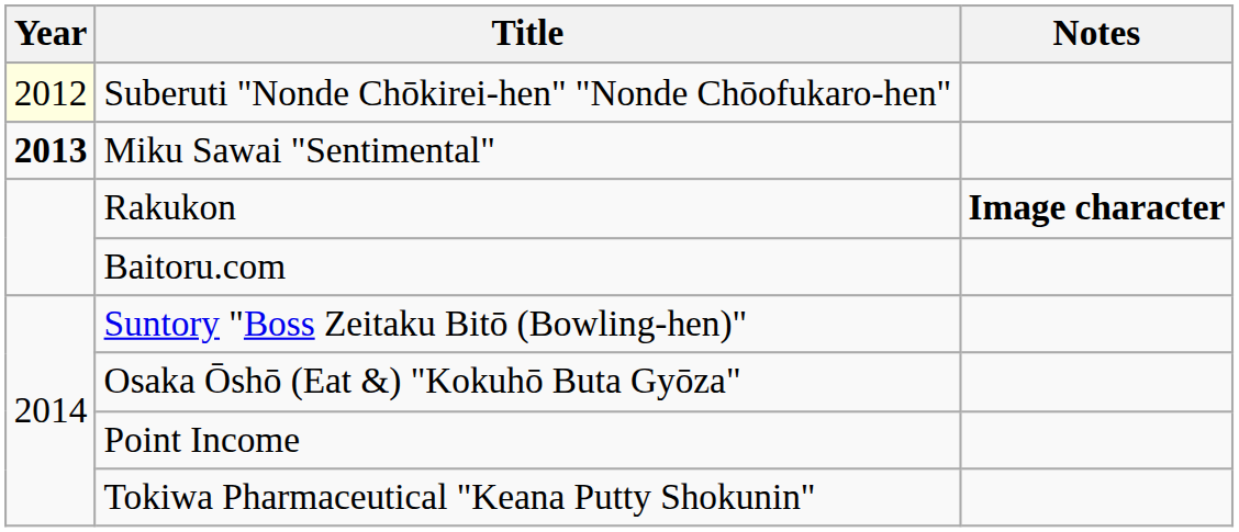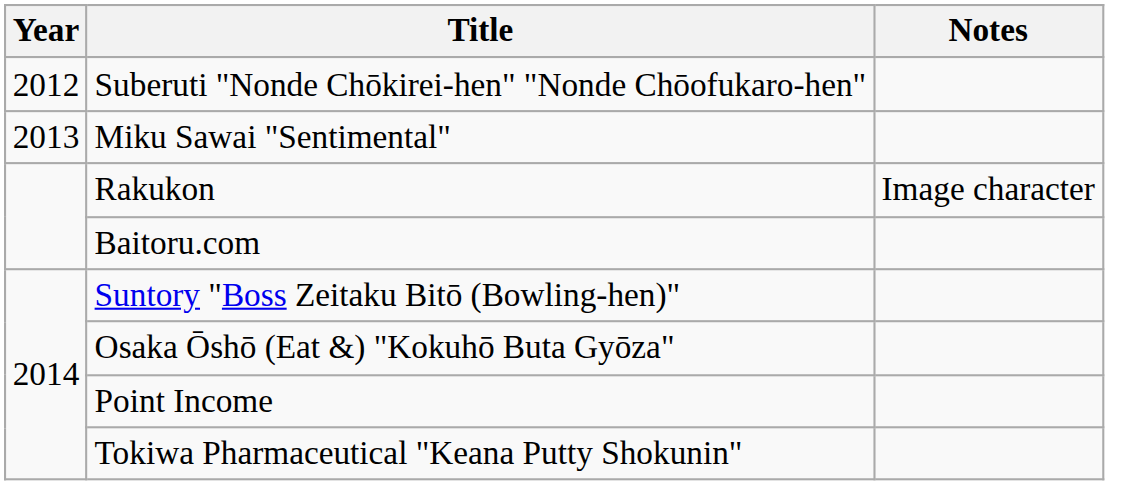 <table class="wikitable">
 <tr>
 <th>Year</th>
 <th>Title</th>
 <th>Notes</th>
 </tr>
 <tr>
-<td style="background: lightyellow;">2012</td>
+<td>2012</td>
 <td>Suberuti "Nonde Chōkirei-hen" "Nonde Chōofukaro-hen"</td>
 <td></td>
 </tr>
 <tr>
-<td><strong>2013</strong></td>
+<td>2013</td>
 <td>Miku Sawai "Sentimental"</td>
 <td></td>
 </tr>
 <tr>
 <td rowspan="2"></td>
 <td>Rakukon</td>
-<td><strong>Image character</strong></td>
+<td>Image character</td>
 </tr>
 <tr>
 <td>Baitoru.com</td>
 <td></td>
 </tr>
 <tr>
 <td rowspan="4">2014</td>
 <td><a href='#'>Suntory</a> "<a href='#'>Boss</a> Zeitaku Bitō (Bowling-hen)"</td>
 <td></td>
 </tr>
 <tr>
 <td>Osaka Ōshō (Eat &) "Kokuhō Buta Gyōza"</td>
 <td></td>
 </tr>
 <tr>
 <td>Point Income</td>
 <td></td>
 </tr>
 <tr>
 <td>Tokiwa Pharmaceutical "Keana Putty Shokunin"</td>
 <td></td>
 </tr>
 </table>
